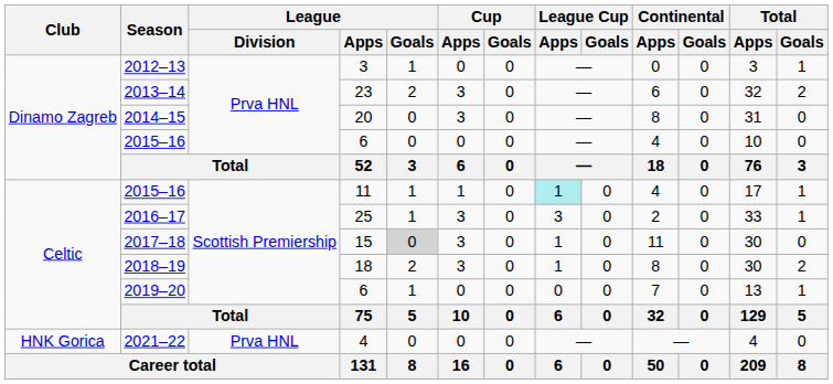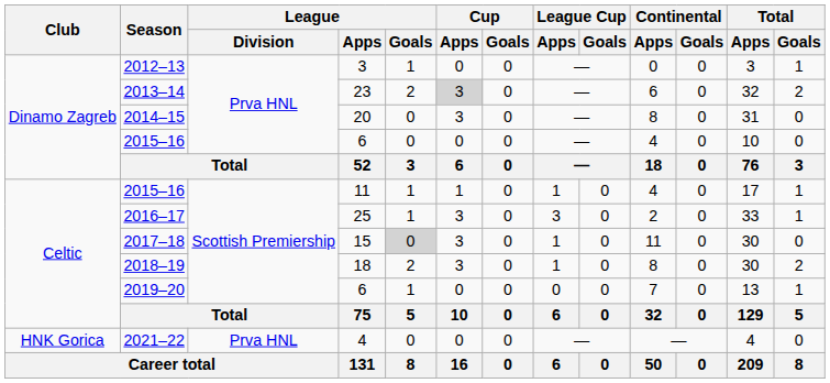 <table class="wikitable" style="text-align: center">
 <tr>
 <th rowspan=2>Club</th>
 <th rowspan=2>Season</th>
 <th colspan=3>League</th>
 <th colspan=2>Cup</th>
 <th colspan=2>League Cup</th>
 <th colspan=2>Continental</th>
 <th colspan=2>Total</th>
 </tr>
 <tr>
 <th>Division</th>
 <th>Apps</th>
 <th>Goals</th>
 <th>Apps</th>
 <th>Goals</th>
 <th>Apps</th>
 <th>Goals</th>
 <th>Apps</th>
 <th>Goals</th>
 <th>Apps</th>
 <th>Goals</th>
 </tr>
 <tr>
 <td rowspan=5><a href='#'>Dinamo Zagreb</a></td>
 <td><a href='#'>2012–13</a></td>
 <td rowspan="4"><a href='#'>Prva HNL</a></td>
 <td>3</td>
 <td>1</td>
 <td>0</td>
 <td>0</td>
 <td colspan=2>—</td>
 <td>0</td>
 <td>0</td>
 <td>3</td>
 <td>1</td>
 </tr>
 <tr>
 <td><a href='#'>2013–14</a></td>
 <td>23</td>
 <td>2</td>
-<td>3</td>
+<td style="background: lightgrey;">3</td>
 <td>0</td>
 <td colspan=2>—</td>
 <td>6</td>
 <td>0</td>
 <td>32</td>
 <td>2</td>
 </tr>
 <tr>
 <td><a href='#'>2014–15</a></td>
 <td>20</td>
 <td>0</td>
 <td>3</td>
 <td>0</td>
 <td colspan=2>—</td>
 <td>8</td>
 <td>0</td>
 <td>31</td>
 <td>0</td>
 </tr>
 <tr>
 <td><a href='#'>2015–16</a></td>
 <td>6</td>
 <td>0</td>
 <td>0</td>
 <td>0</td>
 <td colspan=2>—</td>
 <td>4</td>
 <td>0</td>
 <td>10</td>
 <td>0</td>
 </tr>
 <tr>
 <th colspan=2>Total</th>
 <th>52</th>
 <th>3</th>
 <th>6</th>
 <th>0</th>
 <th colspan="2">—</th>
 <th>18</th>
 <th>0</th>
 <th>76</th>
 <th>3</th>
 </tr>
 <tr>
 <td rowspan=6><a href='#'>Celtic</a></td>
 <td><a href='#'>2015–16</a></td>
 <td rowspan="5"><a href='#'>Scottish Premiership</a></td>
 <td>11</td>
 <td>1</td>
 <td>1</td>
 <td>0</td>
-<td style="background: paleturquoise;">1</td>
+<td>1</td>
 <td>0</td>
 <td>4</td>
 <td>0</td>
 <td>17</td>
 <td>1</td>
 </tr>
 <tr>
 <td><a href='#'>2016–17</a></td>
 <td>25</td>
 <td>1</td>
 <td>3</td>
 <td>0</td>
 <td>3</td>
 <td>0</td>
 <td>2</td>
 <td>0</td>
 <td>33</td>
 <td>1</td>
 </tr>
 <tr>
 <td><a href='#'>2017–18</a></td>
 <td>15</td>
 <td style="background: lightgrey;">0</td>
 <td>3</td>
 <td>0</td>
 <td>1</td>
 <td>0</td>
 <td>11</td>
 <td>0</td>
 <td>30</td>
 <td>0</td>
 </tr>
 <tr>
 <td><a href='#'>2018–19</a></td>
 <td>18</td>
 <td>2</td>
 <td>3</td>
 <td>0</td>
 <td>1</td>
 <td>0</td>
 <td>8</td>
 <td>0</td>
 <td>30</td>
 <td>2</td>
 </tr>
 <tr>
 <td><a href='#'>2019–20</a></td>
 <td>6</td>
 <td>1</td>
 <td>0</td>
 <td>0</td>
 <td>0</td>
 <td>0</td>
 <td>7</td>
 <td>0</td>
 <td>13</td>
 <td>1</td>
 </tr>
 <tr>
 <th colspan=2>Total</th>
 <th>75</th>
 <th>5</th>
 <th>10</th>
 <th>0</th>
 <th>6</th>
 <th>0</th>
 <th>32</th>
 <th>0</th>
 <th>129</th>
 <th>5</th>
 </tr>
 <tr>
 <td><a href='#'>HNK Gorica</a></td>
 <td><a href='#'>2021–22</a></td>
 <td><a href='#'>Prva HNL</a></td>
 <td>4</td>
 <td>0</td>
 <td>0</td>
 <td>0</td>
 <td colspan=2>—</td>
 <td colspan=2>—</td>
 <td>4</td>
 <td>0</td>
 </tr>
 <tr>
 <th colspan=3>Career total</th>
 <th>131</th>
 <th>8</th>
 <th>16</th>
 <th>0</th>
 <th>6</th>
 <th>0</th>
 <th>50</th>
 <th>0</th>
 <th>209</th>
 <th>8</th>
 </tr>
 </table>
